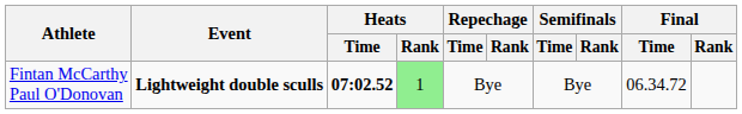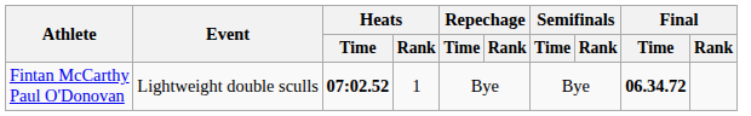 <table class="wikitable" style="font-size:90%">
 <tr>
 <th rowspan="2">Athlete</th>
 <th rowspan="2">Event</th>
 <th colspan="2">Heats</th>
 <th colspan="2">Repechage</th>
 <th colspan="2">Semifinals</th>
 <th colspan="2">Final</th>
 </tr>
 <tr style="font-size:95%">
 <th>Time</th>
 <th>Rank</th>
 <th>Time</th>
 <th>Rank</th>
 <th>Time</th>
 <th>Rank</th>
 <th>Time</th>
 <th>Rank</th>
 </tr>
 <tr align="center">
 <td align="left"><a href='#'>Fintan McCarthy</a><br><a href='#'>Paul O'Donovan</a></td>
-<td align="left"><strong>Lightweight double sculls</strong></td>
+<td align="left">Lightweight double sculls</td>
 <td><strong>07:02.52</strong></td>
-<td style="background: lightgreen;">1</td>
+<td>1</td>
 <td colspan="2">Bye</td>
 <td colspan="2">Bye</td>
-<td>06.34.72</td>
+<td><strong>06.34.72</strong></td>
 <td></td>
 </tr>
 </table>
